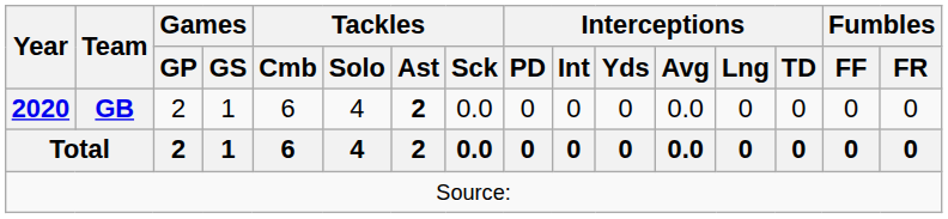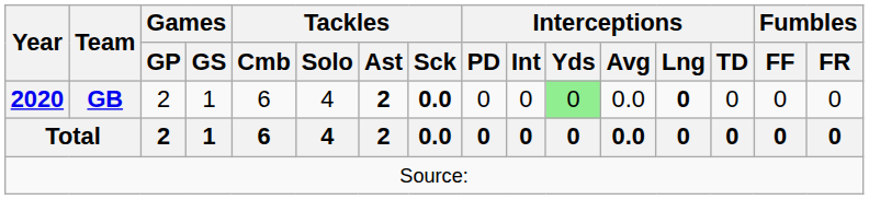 <table class="wikitable" style="text-align: center;">
 <tr>
 <th rowspan="2">Year</th>
 <th rowspan="2">Team</th>
 <th colspan="2">Games</th>
 <th colspan="4">Tackles</th>
 <th colspan="6">Interceptions</th>
 <th colspan="2">Fumbles</th>
 </tr>
 <tr>
 <th>GP</th>
 <th>GS</th>
 <th>Cmb</th>
 <th>Solo</th>
 <th>Ast</th>
 <th>Sck</th>
 <th>PD</th>
 <th>Int</th>
 <th>Yds</th>
 <th>Avg</th>
 <th>Lng</th>
 <th>TD</th>
 <th>FF</th>
 <th>FR</th>
 </tr>
 <tr>
 <th><a href='#'>2020</a></th>
 <th><a href='#'>GB</a></th>
 <td>2</td>
 <td>1</td>
 <td>6</td>
 <td>4</td>
 <td><strong>2</strong></td>
-<td>0.0</td>
+<td><strong>0.0</strong></td>
 <td>0</td>
 <td>0</td>
-<td>0</td>
+<td style="background: lightgreen;">0</td>
 <td>0.0</td>
-<td>0</td>
+<td><strong>0</strong></td>
 <td>0</td>
 <td>0</td>
 <td>0</td>
 </tr>
 <tr>
 <th colspan="2">Total</th>
 <th>2</th>
 <th>1</th>
 <th>6</th>
 <th>4</th>
 <th>2</th>
 <th>0.0</th>
 <th>0</th>
 <th>0</th>
 <th>0</th>
 <th>0.0</th>
 <th>0</th>
 <th>0</th>
 <th>0</th>
 <th>0</th>
 </tr>
 <tr>
 <td colspan="16"><small>Source: </small></td>
 </tr>
 </table>
